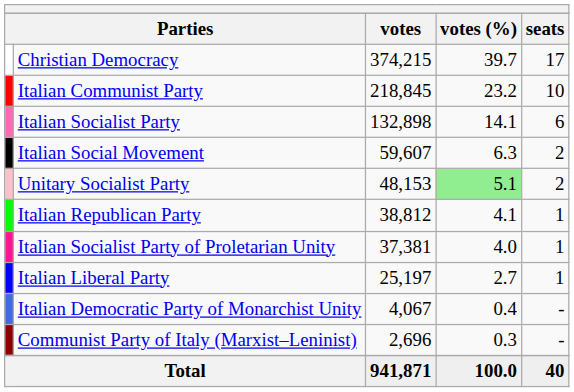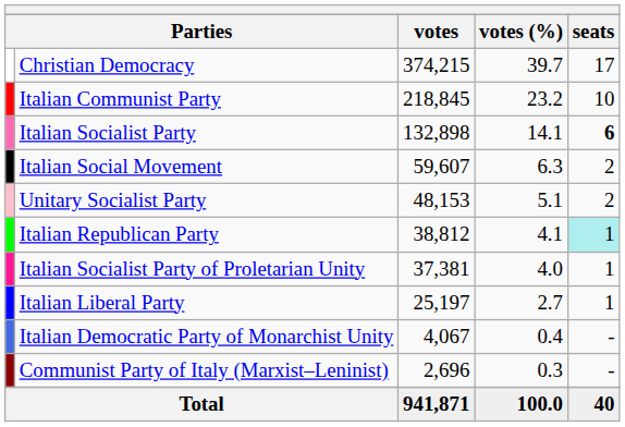 <table class="wikitable" style="font-size:95%">
 <tr>
 <th colspan=5></th>
 </tr>
 <tr>
 </tr>
 <tr bgcolor="EFEFEF">
 <th colspan=2>Parties</th>
 <th>votes</th>
 <th>votes (%)</th>
 <th>seats</th>
 </tr>
 <tr>
 <td bgcolor=White></td>
 <td><a href='#'>Christian Democracy</a></td>
 <td align=right>374,215</td>
 <td align=right>39.7</td>
 <td align=right>17</td>
 </tr>
 <tr>
 <td bgcolor=Red></td>
 <td><a href='#'>Italian Communist Party</a></td>
 <td align=right>218,845</td>
 <td align=right>23.2</td>
 <td align=right>10</td>
 </tr>
 <tr>
 <td bgcolor=Hotpink></td>
 <td><a href='#'>Italian Socialist Party</a></td>
 <td align=right>132,898</td>
 <td align=right>14.1</td>
-<td align=right>6</td>
+<td align=right><strong>6</strong></td>
 </tr>
 <tr>
 <td bgcolor=Black></td>
 <td><a href='#'>Italian Social Movement</a></td>
 <td align=right>59,607</td>
 <td align=right>6.3</td>
 <td align=right>2</td>
 </tr>
 <tr>
 <td bgcolor=Pink></td>
 <td><a href='#'>Unitary Socialist Party</a></td>
 <td align=right>48,153</td>
-<td align=right style="background: lightgreen;">5.1</td>
+<td align=right>5.1</td>
 <td align=right>2</td>
 </tr>
 <tr>
 <td bgcolor=Lime></td>
 <td><a href='#'>Italian Republican Party</a></td>
 <td align=right>38,812</td>
 <td align=right>4.1</td>
-<td align=right>1</td>
+<td align=right style="background: paleturquoise;">1</td>
 </tr>
 <tr>
 <td bgcolor=Deeppink></td>
 <td><a href='#'>Italian Socialist Party of Proletarian Unity</a></td>
 <td align=right>37,381</td>
 <td align=right>4.0</td>
 <td align=right>1</td>
 </tr>
 <tr>
 <td bgcolor=Blue></td>
 <td><a href='#'>Italian Liberal Party</a></td>
 <td align=right>25,197</td>
 <td align=right>2.7</td>
 <td align=right>1</td>
 </tr>
 <tr>
 <td bgcolor=Royalblue></td>
 <td><a href='#'>Italian Democratic Party of Monarchist Unity</a></td>
 <td align=right>4,067</td>
 <td align=right>0.4</td>
 <td align=right>-</td>
 </tr>
 <tr>
 <td bgcolor=Darkred></td>
 <td><a href='#'>Communist Party of Italy (Marxist–Leninist)</a></td>
 <td align=right>2,696</td>
 <td align=right>0.3</td>
 <td align=right>-</td>
 </tr>
 <tr>
 </tr>
 <tr bgcolor="EFEFEF">
 <th colspan=2><strong>Total</strong></th>
 <td align=right><strong>941,871</strong></td>
 <td align=right><strong>100.0</strong></td>
 <td align=right><strong>40</strong></td>
 </tr>
 </table>
